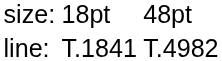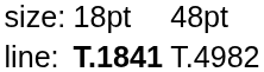 <table style="margin-left:40px;">
 <tr>
 <td>size:</td>
 <td>18pt</td>
 <td>48pt</td>
 </tr>
 <tr>
 <td>line:</td>
-<td>T.1841</td>
+<td><strong>T.1841</strong></td>
 <td>T.4982</td>
 </tr>
 </table>
